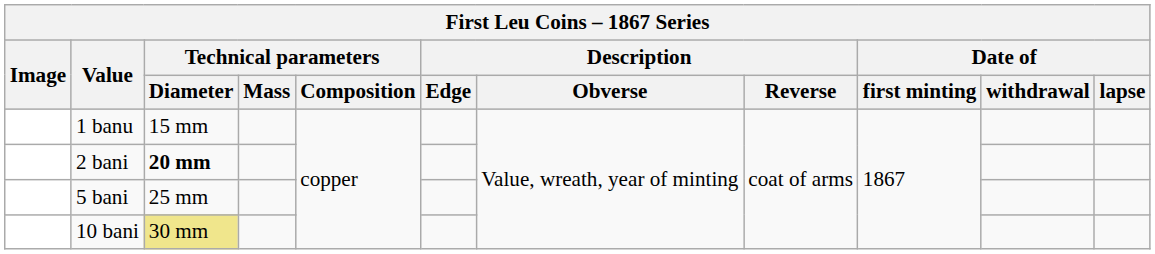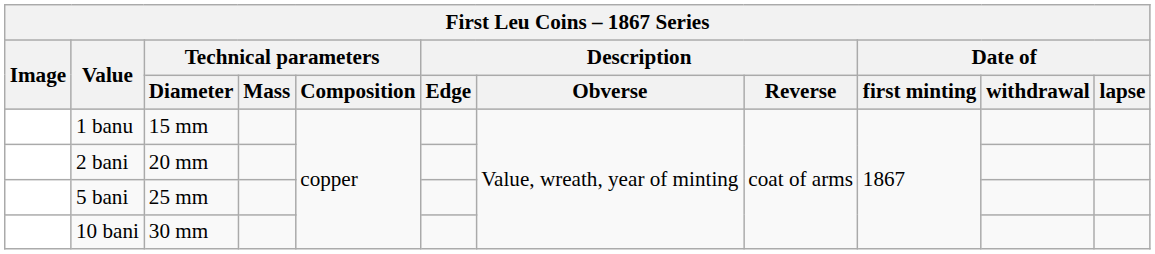 <table class="wikitable" style="font-size: 90%">
 <tr>
 <th colspan="11">First Leu Coins –  1867 Series</th>
 </tr>
 <tr>
 <th rowspan="2">Image</th>
 <th rowspan="2">Value</th>
 <th colspan="3">Technical parameters</th>
 <th colspan="3">Description</th>
 <th colspan="3">Date of</th>
 </tr>
 <tr>
 <th>Diameter</th>
 <th>Mass</th>
 <th>Composition</th>
 <th>Edge</th>
 <th>Obverse</th>
 <th>Reverse</th>
 <th>first minting</th>
 <th>withdrawal</th>
 <th>lapse</th>
 </tr>
 <tr>
 <td align="center" bgcolor="white"></td>
 <td>1 banu</td>
 <td>15 mm</td>
 <td></td>
 <td rowspan = 4>copper</td>
 <td></td>
 <td rowspan = 4>Value, wreath, year of minting</td>
 <td rowspan = 4>coat of arms</td>
 <td rowspan = 4>1867</td>
 <td></td>
 <td></td>
 </tr>
 <tr>
 <td align="center" bgcolor="white"></td>
 <td>2 bani</td>
-<td><strong>20 mm</strong></td>
+<td>20 mm</td>
 <td></td>
 <td></td>
 <td></td>
 <td></td>
 </tr>
 <tr>
 <td align="center" bgcolor="white"></td>
 <td>5 bani</td>
 <td>25 mm</td>
 <td></td>
 <td></td>
 <td></td>
 <td></td>
 </tr>
 <tr>
 <td align="center" bgcolor="white"></td>
 <td>10 bani</td>
-<td style="background: khaki;">30 mm</td>
+<td>30 mm</td>
 <td></td>
 <td></td>
 <td></td>
 <td></td>
 </tr>
 </table>
